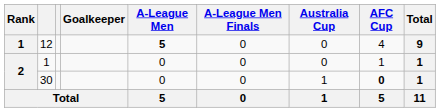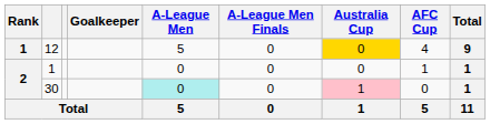 <table class="wikitable" style="text-align:center">
 <tr>
 <th>Rank</th>
 <th></th>
 <th></th>
 <th>Goalkeeper</th>
 <th><a href='#'>A-League Men</a></th>
 <th><a href='#'>A-League Men Finals</a></th>
 <th><a href='#'>Australia Cup</a></th>
 <th><a href='#'>AFC Cup</a></th>
 <th>Total</th>
 </tr>
 <tr>
 <th>1</th>
 <td>12</td>
 <td></td>
 <td align="left"></td>
-<td><strong>5</strong></td>
+<td>5</td>
 <td>0</td>
-<td>0</td>
+<td style="background: gold;">0</td>
 <td>4</td>
 <th>9</th>
 </tr>
 <tr>
 <th rowspan="2">2</th>
 <td>1</td>
 <td></td>
 <td align="left"></td>
 <td>0</td>
 <td>0</td>
 <td>0</td>
 <td>1</td>
 <th>1</th>
 </tr>
 <tr>
 <td>30</td>
 <td></td>
 <td align="left"></td>
+<td style="background: paleturquoise;">0</td>
 <td>0</td>
+<td style="background: pink;">1</td>
 <td>0</td>
-<td>1</td>
-<td><strong>0</strong></td>
 <th>1</th>
 </tr>
 <tr>
 <th colspan="4">Total</th>
 <th>5</th>
 <th>0</th>
 <th>1</th>
 <th>5</th>
 <th>11</th>
 </tr>
 </table>
